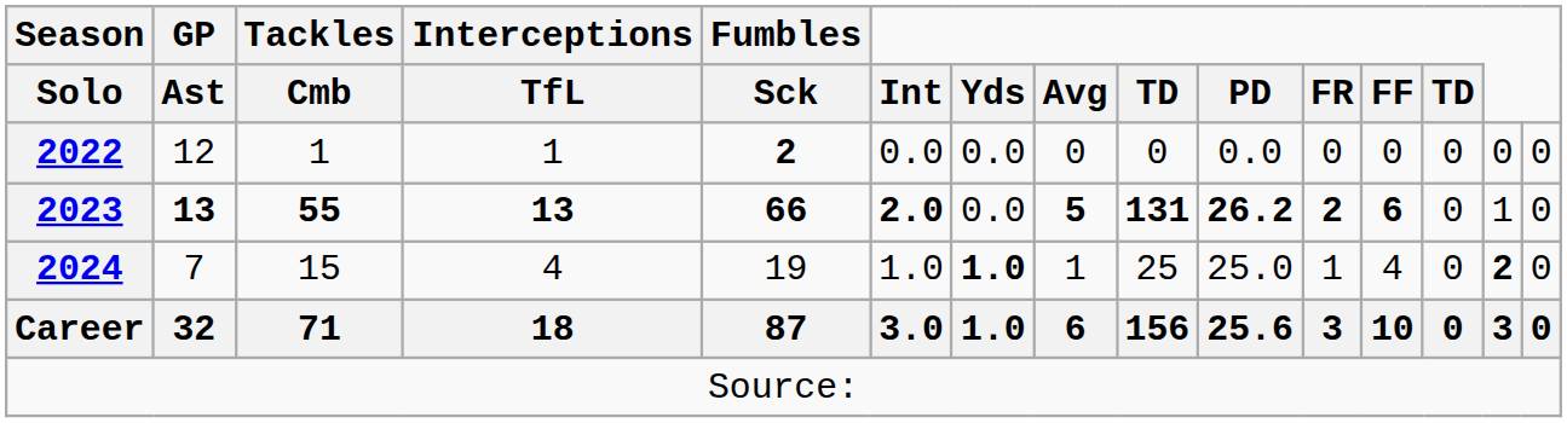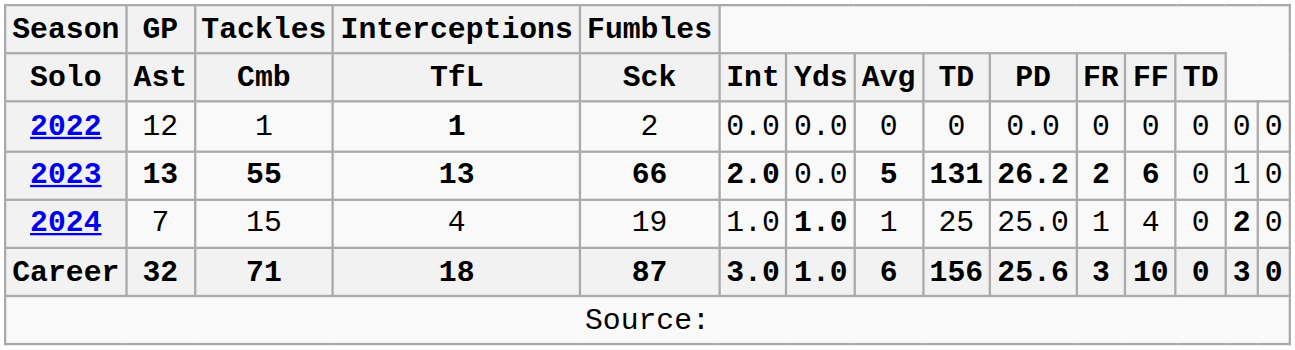 <table class="wikitable" style="text-align:center;">
 <tr>
 <th>Season</th>
 <th>GP</th>
 <th>Tackles</th>
 <th>Interceptions</th>
 <th>Fumbles</th>
 </tr>
 <tr>
 <th>Solo</th>
 <th>Ast</th>
 <th>Cmb</th>
 <th>TfL</th>
 <th>Sck</th>
 <th>Int</th>
 <th>Yds</th>
 <th>Avg</th>
 <th>TD</th>
 <th>PD</th>
 <th>FR</th>
 <th>FF</th>
 <th>TD</th>
 </tr>
 <tr>
 <th><a href='#'>2022</a></th>
 <td>12</td>
 <td>1</td>
-<td>1</td>
-<td><strong>2</strong></td>
+<td><strong>1</strong></td>
+<td>2</td>
 <td>0.0</td>
 <td>0.0</td>
 <td>0</td>
 <td>0</td>
 <td>0.0</td>
 <td>0</td>
 <td>0</td>
 <td>0</td>
 <td>0</td>
 <td>0</td>
 </tr>
 <tr>
 <th><a href='#'>2023</a></th>
 <td><strong>13</strong></td>
 <td><strong>55</strong></td>
 <td><strong>13</strong></td>
 <td><strong>66</strong></td>
 <td><strong>2.0</strong></td>
 <td>0.0</td>
 <td><strong>5</strong></td>
 <td><strong>131</strong></td>
 <td><strong>26.2</strong></td>
 <td><strong>2</strong></td>
 <td><strong>6</strong></td>
 <td>0</td>
 <td>1</td>
 <td>0</td>
 </tr>
 <tr>
 <th><a href='#'>2024</a></th>
 <td>7</td>
 <td>15</td>
 <td>4</td>
 <td>19</td>
 <td>1.0</td>
 <td><strong>1.0</strong></td>
 <td>1</td>
 <td>25</td>
 <td>25.0</td>
 <td>1</td>
 <td>4</td>
 <td>0</td>
 <td><strong>2</strong></td>
 <td>0</td>
 </tr>
 <tr>
 <th>Career</th>
 <th>32</th>
 <th>71</th>
 <th>18</th>
 <th>87</th>
 <th>3.0</th>
 <th>1.0</th>
 <th>6</th>
 <th>156</th>
 <th>25.6</th>
 <th>3</th>
 <th>10</th>
 <th>0</th>
 <th>3</th>
 <th>0</th>
 </tr>
 <tr>
 <td colspan="15">Source:</td>
 </tr>
 </table>
